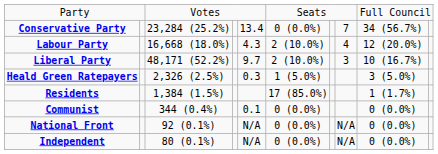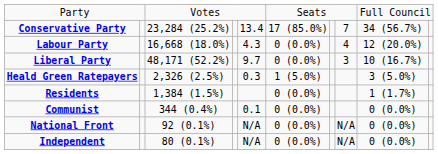 <table class=wikitable style="text-align:center;">
 <tr>
 <td colspan=2>Party</td>
 <td colspan=3>Votes</td>
 <td colspan=3>Seats</td>
 <td colspan=3>Full Council</td>
 </tr>
 <tr>
 <td><strong><a href='#'>Conservative Party</a></strong></td>
 <td style="background:"></td>
 <td>23,284 (25.2%)</td>
 <td></td>
 <td> 13.4</td>
-<td>0  (0.0%)</td>
+<td>17 (85.0%)</td>
 <td></td>
 <td> 7</td>
 <td>34 (56.7%)</td>
 <td></td>
 </tr>
 <tr>
 <td><strong><a href='#'>Labour Party</a></strong></td>
 <td style="background:"></td>
 <td>16,668 (18.0%)</td>
 <td></td>
 <td> 4.3</td>
-<td>2 (10.0%)</td>
+<td>0  (0.0%)</td>
 <td></td>
 <td> 4</td>
 <td>12 (20.0%)</td>
 <td></td>
 </tr>
 <tr>
 <td><strong><a href='#'>Liberal Party</a></strong></td>
 <td style="background:"></td>
 <td>48,171 (52.2%)</td>
 <td></td>
 <td> 9.7</td>
-<td>2 (10.0%)</td>
+<td>0  (0.0%)</td>
 <td></td>
 <td> 3</td>
 <td>10 (16.7%)</td>
 <td></td>
 </tr>
 <tr>
 <td><strong><a href='#'>Heald Green Ratepayers</a></strong></td>
 <td style="background:"></td>
 <td>2,326 (2.5%)</td>
 <td></td>
 <td> 0.3</td>
 <td>1  (5.0%)</td>
 <td></td>
 <td></td>
 <td>3 (5.0%)</td>
 <td></td>
 </tr>
 <tr>
 <td><strong><a href='#'>Residents</a></strong></td>
 <td style="background:"></td>
 <td>1,384 (1.5%)</td>
 <td></td>
 <td></td>
-<td>17 (85.0%)</td>
+<td>0  (0.0%)</td>
 <td></td>
 <td></td>
 <td>1 (1.7%)</td>
 <td></td>
 </tr>
 <tr>
 <td><strong><a href='#'>Communist</a></strong></td>
 <td style="background:"></td>
 <td>344 (0.4%)</td>
 <td></td>
 <td> 0.1</td>
 <td>0  (0.0%)</td>
 <td></td>
 <td></td>
 <td>0 (0.0%)</td>
 <td></td>
 </tr>
 <tr>
 <td><strong><a href='#'>National Front</a></strong></td>
 <td style="background:"></td>
 <td>92 (0.1%)</td>
 <td></td>
 <td>N/A</td>
 <td>0  (0.0%)</td>
 <td></td>
 <td>N/A</td>
 <td>0 (0.0%)</td>
 <td></td>
 </tr>
 <tr>
 <td><strong><a href='#'>Independent</a></strong></td>
 <td style="background:"></td>
 <td>80 (0.1%)</td>
 <td></td>
 <td>N/A</td>
 <td>0  (0.0%)</td>
 <td></td>
 <td>N/A</td>
 <td>0 (0.0%)</td>
 <td></td>
 </tr>
 </table>
